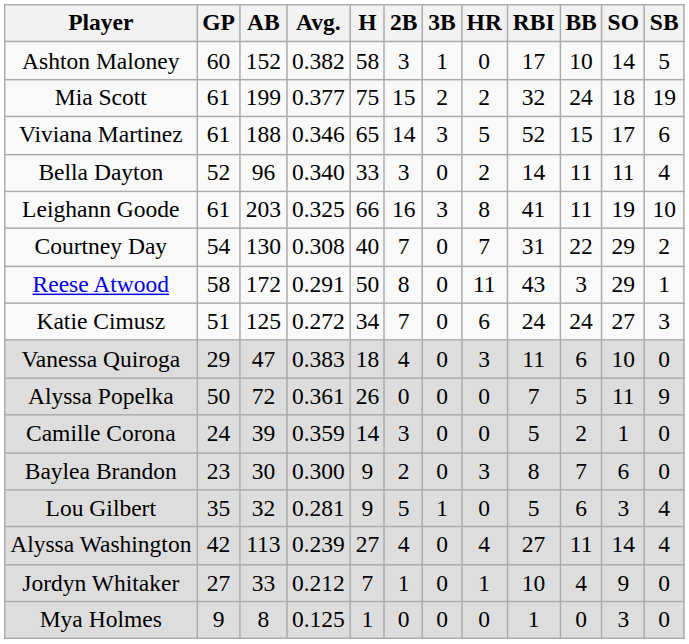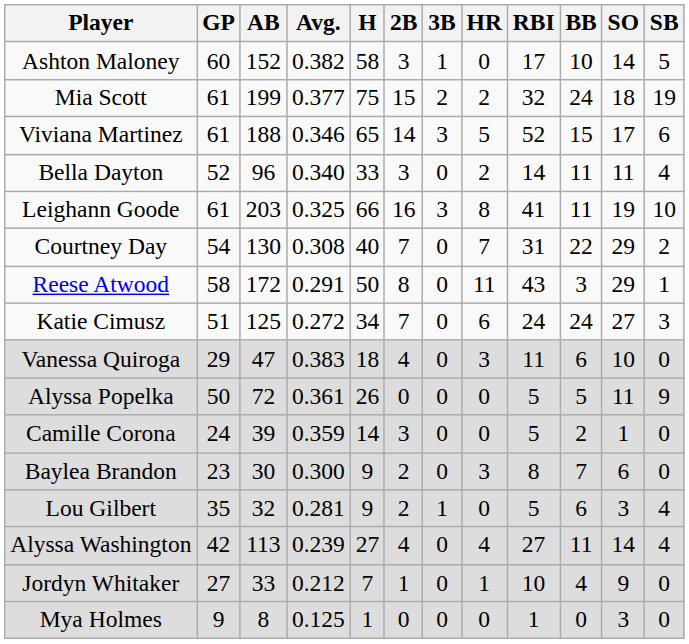 <table class="wikitable sortable">
 <tr>
 <th>Player</th>
 <th>GP</th>
 <th>AB</th>
 <th>Avg.</th>
 <th>H</th>
 <th>2B</th>
 <th>3B</th>
 <th>HR</th>
 <th>RBI</th>
 <th>BB</th>
 <th>SO</th>
 <th>SB</th>
 </tr>
 <tr style="text-align:center;">
 <td>Ashton Maloney</td>
 <td>60</td>
 <td>152</td>
 <td>0.382</td>
 <td>58</td>
 <td>3</td>
 <td>1</td>
 <td>0</td>
 <td>17</td>
 <td>10</td>
 <td>14</td>
 <td>5</td>
 </tr>
 <tr style="text-align:center;">
 <td>Mia Scott</td>
 <td>61</td>
 <td>199</td>
 <td>0.377</td>
 <td>75</td>
 <td>15</td>
 <td>2</td>
 <td>2</td>
 <td>32</td>
 <td>24</td>
 <td>18</td>
 <td>19</td>
 </tr>
 <tr style="text-align:center;">
 <td>Viviana Martinez</td>
 <td>61</td>
 <td>188</td>
 <td>0.346</td>
 <td>65</td>
 <td>14</td>
 <td>3</td>
 <td>5</td>
 <td>52</td>
 <td>15</td>
 <td>17</td>
 <td>6</td>
 </tr>
 <tr style="text-align:center;">
 <td>Bella Dayton</td>
 <td>52</td>
 <td>96</td>
 <td>0.340</td>
 <td>33</td>
 <td>3</td>
 <td>0</td>
 <td>2</td>
 <td>14</td>
 <td>11</td>
 <td>11</td>
 <td>4</td>
 </tr>
 <tr style="text-align:center;">
 <td>Leighann Goode</td>
 <td>61</td>
 <td>203</td>
 <td>0.325</td>
 <td>66</td>
 <td>16</td>
 <td>3</td>
 <td>8</td>
 <td>41</td>
 <td>11</td>
 <td>19</td>
 <td>10</td>
 </tr>
 <tr style="text-align:center;">
 <td>Courtney Day</td>
 <td>54</td>
 <td>130</td>
 <td>0.308</td>
 <td>40</td>
 <td>7</td>
 <td>0</td>
 <td>7</td>
 <td>31</td>
 <td>22</td>
 <td>29</td>
 <td>2</td>
 </tr>
 <tr style="text-align:center;">
 <td><a href='#'>Reese Atwood</a></td>
 <td>58</td>
 <td>172</td>
 <td>0.291</td>
 <td>50</td>
 <td>8</td>
 <td>0</td>
 <td>11</td>
 <td>43</td>
 <td>3</td>
 <td>29</td>
 <td>1</td>
 </tr>
 <tr style="text-align:center;">
 <td>Katie Cimusz</td>
 <td>51</td>
 <td>125</td>
 <td>0.272</td>
 <td>34</td>
 <td>7</td>
 <td>0</td>
 <td>6</td>
 <td>24</td>
 <td>24</td>
 <td>27</td>
 <td>3</td>
 </tr>
 <tr style="background:#dddddd; text-align:center;">
 <td>Vanessa Quiroga</td>
 <td>29</td>
 <td>47</td>
 <td>0.383</td>
 <td>18</td>
 <td>4</td>
 <td>0</td>
 <td>3</td>
 <td>11</td>
 <td>6</td>
 <td>10</td>
 <td>0</td>
 </tr>
 <tr style="background:#dddddd; text-align:center;">
 <td>Alyssa Popelka</td>
 <td>50</td>
 <td>72</td>
 <td>0.361</td>
 <td>26</td>
 <td>0</td>
 <td>0</td>
 <td>0</td>
-<td>7</td>
+<td>5</td>
 <td>5</td>
 <td>11</td>
 <td>9</td>
 </tr>
 <tr style="background:#dddddd; text-align:center;">
 <td>Camille Corona</td>
 <td>24</td>
 <td>39</td>
 <td>0.359</td>
 <td>14</td>
 <td>3</td>
 <td>0</td>
 <td>0</td>
 <td>5</td>
 <td>2</td>
 <td>1</td>
 <td>0</td>
 </tr>
 <tr style="background:#dddddd; text-align:center;">
 <td>Baylea Brandon</td>
 <td>23</td>
 <td>30</td>
 <td>0.300</td>
 <td>9</td>
 <td>2</td>
 <td>0</td>
 <td>3</td>
 <td>8</td>
 <td>7</td>
 <td>6</td>
 <td>0</td>
 </tr>
 <tr style="background:#dddddd; text-align:center;">
 <td>Lou Gilbert</td>
 <td>35</td>
 <td>32</td>
 <td>0.281</td>
 <td>9</td>
-<td>5</td>
+<td>2</td>
 <td>1</td>
 <td>0</td>
 <td>5</td>
 <td>6</td>
 <td>3</td>
 <td>4</td>
 </tr>
 <tr style="background:#dddddd; text-align:center;">
 <td>Alyssa Washington</td>
 <td>42</td>
 <td>113</td>
 <td>0.239</td>
 <td>27</td>
 <td>4</td>
 <td>0</td>
 <td>4</td>
 <td>27</td>
 <td>11</td>
 <td>14</td>
 <td>4</td>
 </tr>
 <tr style="background:#dddddd; text-align:center;">
 <td>Jordyn Whitaker</td>
 <td>27</td>
 <td>33</td>
 <td>0.212</td>
 <td>7</td>
 <td>1</td>
 <td>0</td>
 <td>1</td>
 <td>10</td>
 <td>4</td>
 <td>9</td>
 <td>0</td>
 </tr>
 <tr style="background:#dddddd; text-align:center;">
 <td>Mya Holmes</td>
 <td>9</td>
 <td>8</td>
 <td>0.125</td>
 <td>1</td>
 <td>0</td>
 <td>0</td>
 <td>0</td>
 <td>1</td>
 <td>0</td>
 <td>3</td>
 <td>0</td>
 </tr>
 </table>
